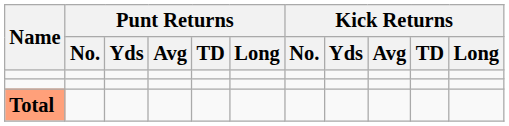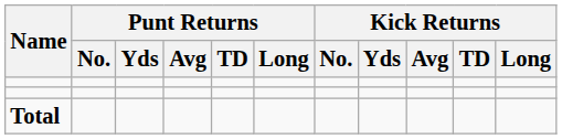 <table class="wikitable" style="white-space:nowrap;">
 <tr>
 <th rowspan="2">Name</th>
 <th colspan="5">Punt Returns</th>
 <th colspan="5">Kick Returns</th>
 </tr>
 <tr>
 <th>No.</th>
 <th>Yds</th>
 <th>Avg</th>
 <th>TD</th>
 <th>Long</th>
 <th>No.</th>
 <th>Yds</th>
 <th>Avg</th>
 <th>TD</th>
 <th>Long</th>
 </tr>
 <tr>
 <td></td>
 <td></td>
 <td></td>
 <td></td>
 <td></td>
 <td></td>
 <td></td>
 <td></td>
 <td></td>
 <td></td>
 <td></td>
 </tr>
 <tr>
 <td></td>
 <td></td>
 <td></td>
 <td></td>
 <td></td>
 <td></td>
 <td></td>
 <td></td>
 <td></td>
 <td></td>
 <td></td>
 </tr>
 <tr>
-<td style="background: lightsalmon;"><strong>Total</strong></td>
+<td><strong>Total</strong></td>
 <td></td>
 <td></td>
 <td></td>
 <td></td>
 <td></td>
 <td></td>
 <td></td>
 <td></td>
 <td></td>
 <td></td>
 </tr>
 </table>
